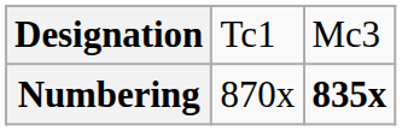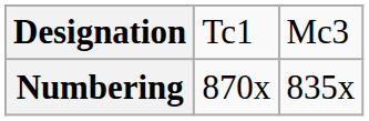 <table class="wikitable">
 <tr>
 <th>Designation</th>
 <td>Tc1</td>
 <td>Mc3</td>
 </tr>
 <tr>
 <th>Numbering</th>
 <td>870x</td>
-<td><strong>835x</strong></td>
+<td>835x</td>
 </tr>
 </table>
